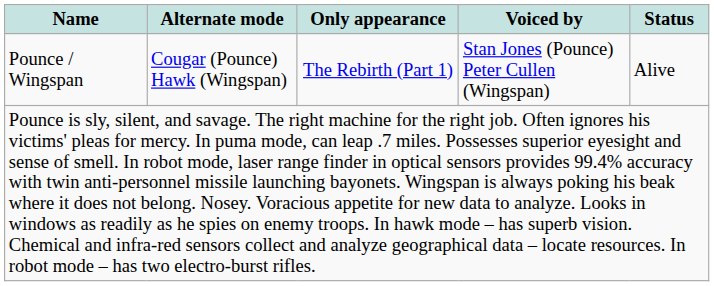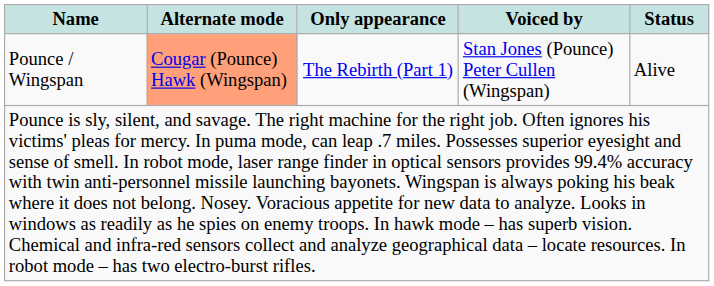 <table class="wikitable">
 <tr>
 <th style="background-color: #C5E4E1">Name</th>
 <th style="background-color: #C5E4E1">Alternate mode</th>
 <th style="background-color: #C5E4E1">Only appearance</th>
 <th style="background-color: #C5E4E1">Voiced by</th>
 <th style="background-color: #C5E4E1">Status</th>
 </tr>
 <tr>
 <td>Pounce / Wingspan</td>
-<td><a href='#'>Cougar</a> (Pounce)<br><a href='#'>Hawk</a> (Wingspan)</td>
+<td style="background: lightsalmon;"><a href='#'>Cougar</a> (Pounce)<br><a href='#'>Hawk</a> (Wingspan)</td>
 <td align="center"><a href='#'>The Rebirth (Part 1)</a></td>
 <td><a href='#'>Stan Jones</a> (Pounce)<br><a href='#'>Peter Cullen</a> (Wingspan)</td>
 <td>Alive</td>
 </tr>
 <tr>
 <td colspan="5" valign="top">Pounce is sly, silent, and savage. The right machine for the right job. Often ignores his victims' pleas for mercy. In puma mode, can leap .7 miles. Possesses superior eyesight and sense of smell. In robot mode, laser range finder in optical sensors provides 99.4% accuracy with twin anti-personnel missile launching bayonets. Wingspan is always poking his beak where it does not belong. Nosey. Voracious appetite for new data to analyze. Looks in windows as readily as he spies on enemy troops. In hawk mode – has superb vision. Chemical and infra-red sensors collect and analyze geographical data – locate resources. In robot mode – has two electro-burst rifles.</td>
 </tr>
 </table>
